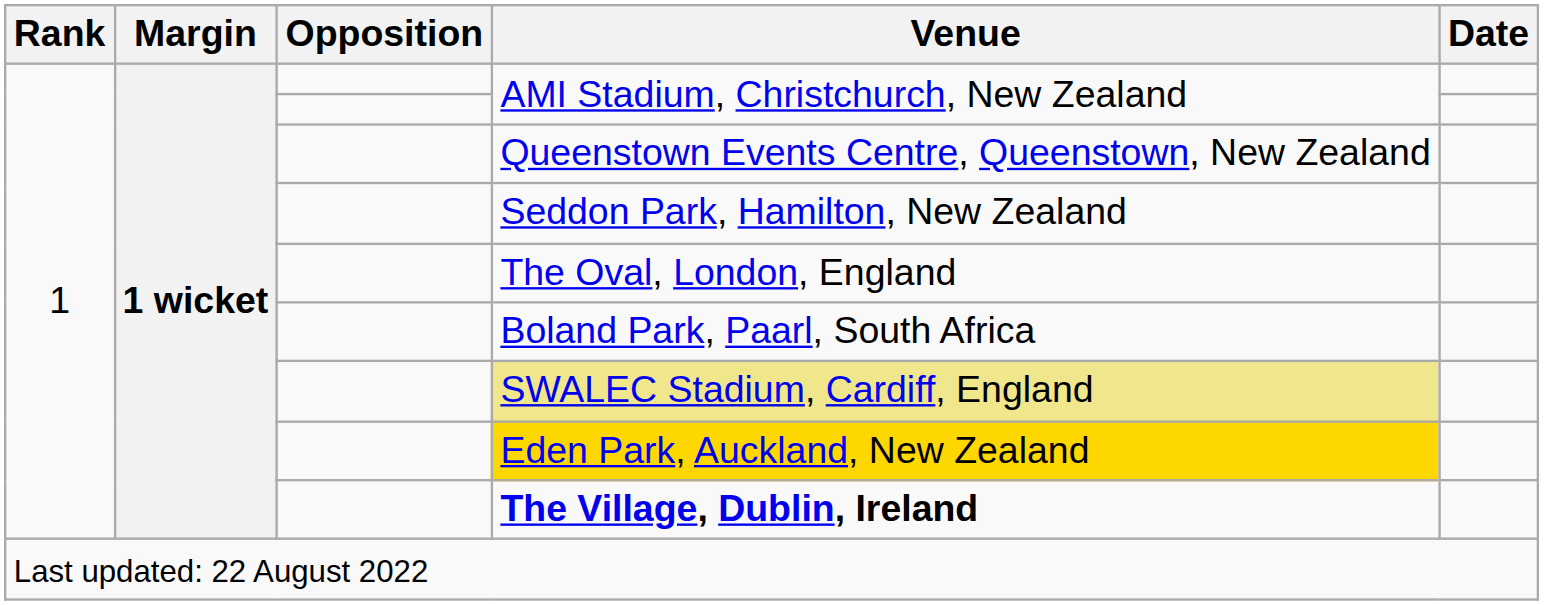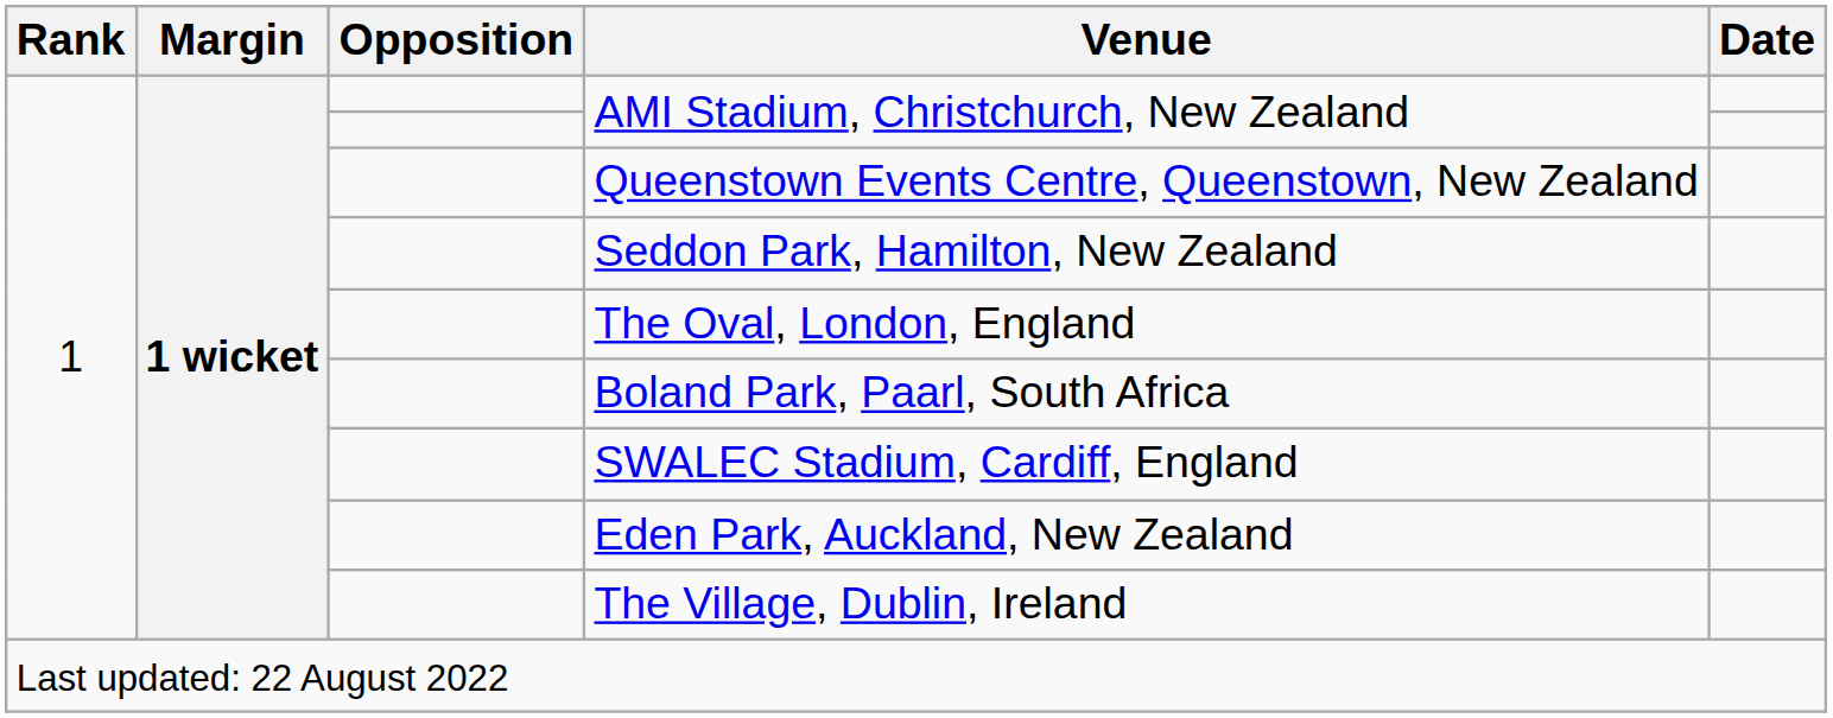 <table class="wikitable plainrowheaders sortable">
 <tr>
 <th scope=col>Rank</th>
 <th scope=col>Margin</th>
 <th scope=col>Opposition</th>
 <th scope=col>Venue</th>
 <th scope=col>Date</th>
 </tr>
 <tr>
 <td align=center rowspan=9>1</td>
 <th scope=row style=text-align:center; rowspan=9>1 wicket</th>
 <td></td>
 <td rowspan=2><a href='#'>AMI Stadium</a>, <a href='#'>Christchurch</a>, New Zealand</td>
 <td></td>
 </tr>
 <tr>
 <td></td>
 <td></td>
 </tr>
 <tr>
 <td></td>
 <td><a href='#'>Queenstown Events Centre</a>, <a href='#'>Queenstown</a>, New Zealand</td>
 <td></td>
 </tr>
 <tr>
 <td></td>
 <td><a href='#'>Seddon Park</a>, <a href='#'>Hamilton</a>, New Zealand</td>
 <td></td>
 </tr>
 <tr>
 <td></td>
 <td><a href='#'>The Oval</a>, <a href='#'>London</a>, England</td>
 <td></td>
 </tr>
 <tr>
 <td></td>
 <td><a href='#'>Boland Park</a>, <a href='#'>Paarl</a>, South Africa</td>
 <td></td>
 </tr>
 <tr>
 <td></td>
-<td style="background: khaki;"><a href='#'>SWALEC Stadium</a>, <a href='#'>Cardiff</a>, England</td>
+<td><a href='#'>SWALEC Stadium</a>, <a href='#'>Cardiff</a>, England</td>
 <td></td>
 </tr>
 <tr>
 <td></td>
-<td style="background: gold;"><a href='#'>Eden Park</a>, <a href='#'>Auckland</a>, New Zealand</td>
+<td><a href='#'>Eden Park</a>, <a href='#'>Auckland</a>, New Zealand</td>
 <td> </td>
 </tr>
 <tr>
 <td></td>
-<td><strong><a href='#'>The Village</a>, <a href='#'>Dublin</a>, Ireland</strong></td>
+<td><a href='#'>The Village</a>, <a href='#'>Dublin</a>, Ireland</td>
 <td></td>
 </tr>
 <tr class=sortbottom>
 <td colspan=6><small>Last updated: 22 August 2022</small></td>
 </tr>
 </table>
